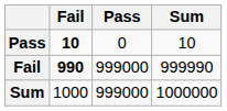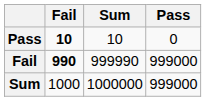 <table class="wikitable" style="text-align:center;">
 <tr>
 <th></th>
 <th>Fail</th>
+<th>Sum</th>
 <th>Pass</th>
-<th>Sum</th>
 </tr>
 <tr>
 <th>Pass</th>
 <td><strong>10</strong></td>
+<td>10</td>
 <td>0</td>
-<td>10</td>
 </tr>
 <tr>
 <th>Fail</th>
 <td><strong>990</strong></td>
+<td>999990</td>
 <td>999000</td>
-<td>999990</td>
 </tr>
 <tr>
 <th>Sum</th>
 <td>1000</td>
+<td>1000000</td>
 <td>999000</td>
-<td>1000000</td>
 </tr>
 </table>
